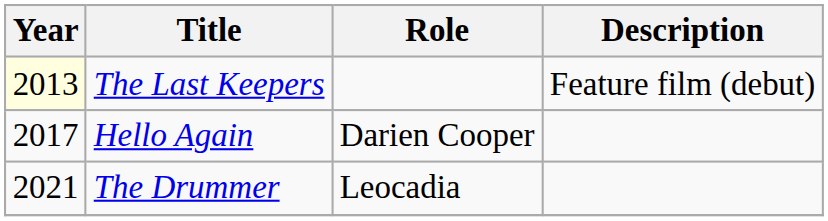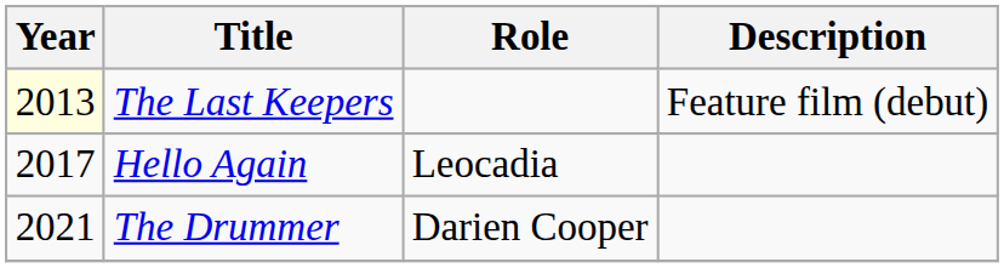 <table class="wikitable sortable">
 <tr>
 <th>Year</th>
 <th>Title</th>
 <th>Role</th>
 <th class="unsortable">Description</th>
 </tr>
 <tr>
 <td style="background: lightyellow;">2013</td>
 <td><em><a href='#'>The Last Keepers</a></em></td>
 <td></td>
 <td>Feature film (debut)</td>
 </tr>
 <tr>
 <td>2017</td>
 <td><em><a href='#'>Hello Again</a></em></td>
-<td>Darien Cooper</td>
+<td>Leocadia</td>
 <td></td>
 </tr>
 <tr>
 <td>2021</td>
 <td><em><a href='#'>The Drummer</a></em></td>
-<td>Leocadia</td>
+<td>Darien Cooper</td>
 <td></td>
 </tr>
 <tr>
 </tr>
 </table>
